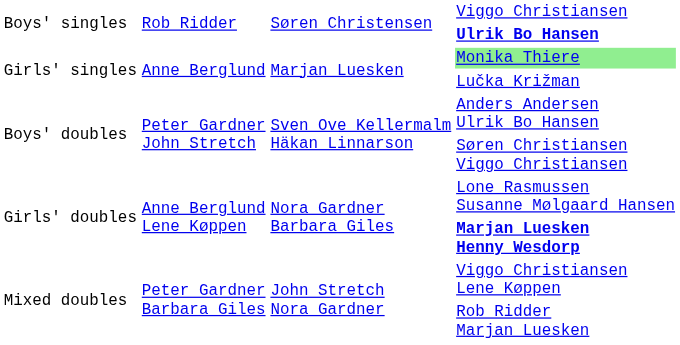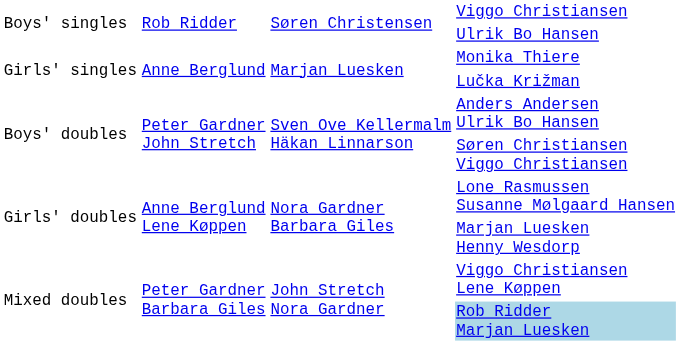 <table>
 <tr>
 <td rowspan=2>Boys' singles</td>
 <td rowspan=2> <a href='#'>Rob Ridder</a></td>
 <td rowspan=2> <a href='#'>Søren Christensen</a></td>
 <td> <a href='#'>Viggo Christiansen</a></td>
 </tr>
 <tr>
-<td><strong> <a href='#'>Ulrik Bo Hansen</a></strong></td>
+<td> <a href='#'>Ulrik Bo Hansen</a></td>
 </tr>
 <tr>
 <td rowspan=2>Girls' singles</td>
 <td rowspan=2> <a href='#'>Anne Berglund</a></td>
 <td rowspan=2> <a href='#'>Marjan Luesken</a></td>
-<td style="background: lightgreen;"> <a href='#'>Monika Thiere</a></td>
+<td> <a href='#'>Monika Thiere</a></td>
 </tr>
 <tr>
 <td> <a href='#'>Lučka Križman</a></td>
 </tr>
 <tr>
 <td rowspan=2>Boys' doubles</td>
 <td rowspan=2> <a href='#'>Peter Gardner</a> <br>  <a href='#'>John Stretch</a></td>
 <td rowspan=2> <a href='#'>Sven Ove Kellermalm</a> <br>  <a href='#'>Häkan Linnarson</a></td>
 <td> <a href='#'>Anders Andersen</a> <br>  <a href='#'>Ulrik Bo Hansen</a></td>
 </tr>
 <tr>
 <td> <a href='#'>Søren Christiansen</a> <br>  <a href='#'>Viggo Christiansen</a></td>
 </tr>
 <tr>
 <td rowspan=2>Girls' doubles</td>
 <td rowspan=2> <a href='#'>Anne Berglund</a> <br>  <a href='#'>Lene Køppen</a></td>
 <td rowspan=2> <a href='#'>Nora Gardner</a> <br>  <a href='#'>Barbara Giles</a></td>
 <td> <a href='#'>Lone Rasmussen</a> <br>  <a href='#'>Susanne Mølgaard Hansen</a></td>
 </tr>
 <tr>
-<td><strong> <a href='#'>Marjan Luesken</a> <br>  <a href='#'>Henny Wesdorp</a></strong></td>
+<td> <a href='#'>Marjan Luesken</a> <br>  <a href='#'>Henny Wesdorp</a></td>
 </tr>
 <tr>
 <td rowspan=2>Mixed doubles</td>
 <td rowspan=2> <a href='#'>Peter Gardner</a> <br>  <a href='#'>Barbara Giles</a></td>
 <td rowspan=2> <a href='#'>John Stretch</a> <br>  <a href='#'>Nora Gardner</a></td>
 <td> <a href='#'>Viggo Christiansen</a> <br>  <a href='#'>Lene Køppen</a></td>
 </tr>
 <tr>
-<td> <a href='#'>Rob Ridder</a> <br>  <a href='#'>Marjan Luesken</a></td>
+<td style="background: lightblue;"> <a href='#'>Rob Ridder</a> <br>  <a href='#'>Marjan Luesken</a></td>
 </tr>
 </table>
